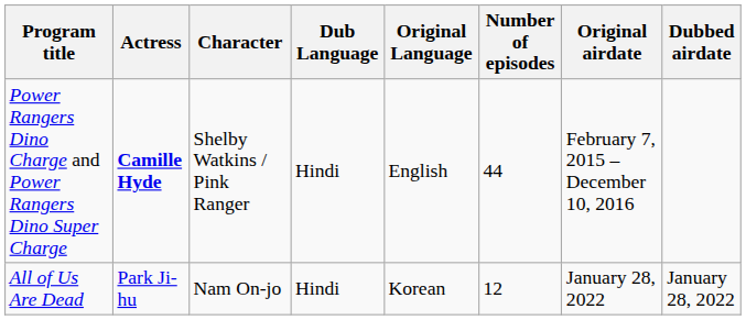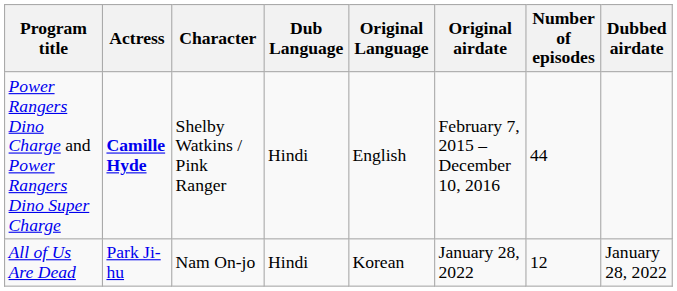 <table class="wikitable">
 <tr>
 <th>Program title</th>
 <th>Actress</th>
 <th>Character</th>
 <th>Dub Language</th>
 <th>Original Language</th>
+<th>Original airdate</th>
 <th>Number of episodes</th>
-<th>Original airdate</th>
 <th>Dubbed airdate</th>
 </tr>
 <tr>
 <td><em><a href='#'>Power Rangers Dino Charge</a></em> and <em><a href='#'>Power Rangers Dino Super Charge</a></em></td>
 <td><strong><a href='#'>Camille Hyde</a></strong></td>
 <td>Shelby Watkins / Pink Ranger</td>
 <td>Hindi</td>
 <td>English</td>
+<td>February 7, 2015 – December 10, 2016</td>
 <td>44</td>
-<td>February 7, 2015 – December 10, 2016</td>
 <td></td>
 </tr>
 <tr>
 <td><em><a href='#'>All of Us Are Dead</a></em></td>
 <td><a href='#'>Park Ji-hu</a></td>
 <td>Nam On-jo</td>
 <td>Hindi</td>
 <td>Korean</td>
+<td>January 28, 2022</td>
 <td>12</td>
-<td>January 28, 2022</td>
 <td>January 28, 2022</td>
 </tr>
 </table>
